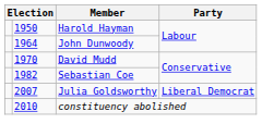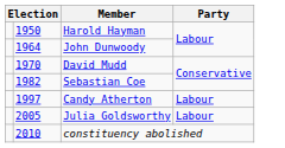 <table class="wikitable">
 <tr>
 <th colspan="2">Election</th>
 <th>Member</th>
 <th>Party</th>
 </tr>
 <tr>
 <td style="color:inherit;background-color: "></td>
 <td><a href='#'>1950</a></td>
 <td><a href='#'>Harold Hayman</a></td>
 <td rowspan="2"><a href='#'>Labour</a></td>
 </tr>
 <tr>
 <td style="color:inherit;background-color: "></td>
 <td><a href='#'>1964</a></td>
 <td><a href='#'>John Dunwoody</a></td>
 </tr>
 <tr>
 <td style="color:inherit;background-color: "></td>
 <td><a href='#'>1970</a></td>
 <td><a href='#'>David Mudd</a></td>
 <td rowspan="2"><a href='#'>Conservative</a></td>
 </tr>
 <tr>
 <td style="color:inherit;background-color: "></td>
 <td><a href='#'>1982</a></td>
 <td><a href='#'>Sebastian Coe</a></td>
 </tr>
 <tr>
 <td style="color:inherit;background-color: "></td>
-<td><a href='#'>2007</a></td>
+<td><a href='#'>1997</a></td>
+<td><a href='#'>Candy Atherton</a></td>
+<td><a href='#'>Labour</a></td>
+</tr>
+<tr>
+<td style="color:inherit;background-color: "></td>
+<td><a href='#'>2005</a></td>
 <td><a href='#'>Julia Goldsworthy</a></td>
-<td><a href='#'>Liberal Democrat</a></td>
+<td><a href='#'>Labour</a></td>
 </tr>
 <tr>
 <td></td>
 <td><a href='#'>2010</a></td>
 <td colspan="2"><em>constituency abolished</em></td>
 </tr>
 </table>
